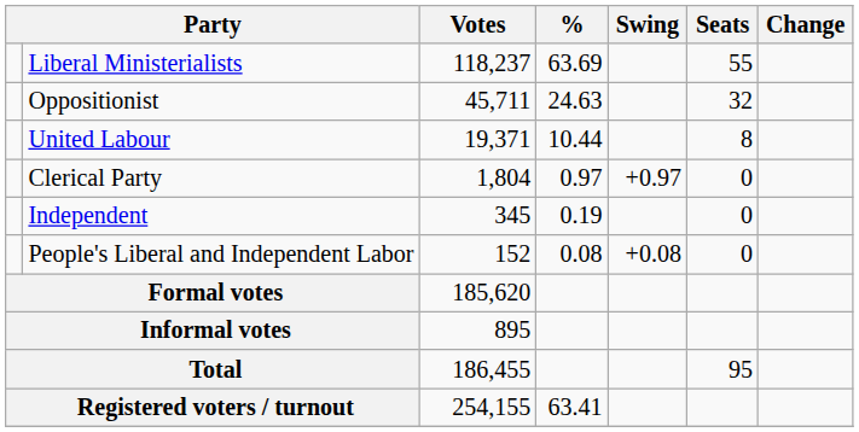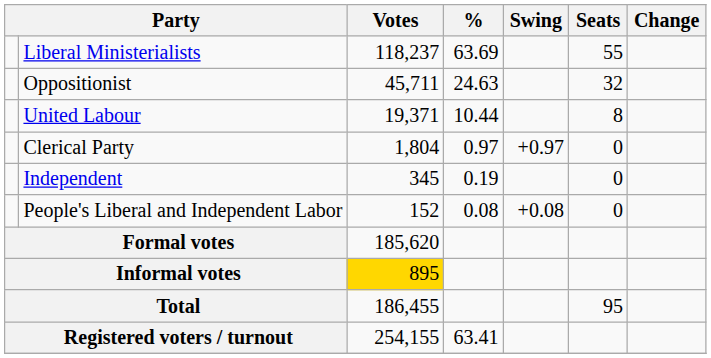 <table class="wikitable" style="text-align:right; margin-bottom:0">
 <tr>
 <th style="width:10px;" colspan=3>Party</th>
 <th style="width:70px;">Votes</th>
 <th style="width:40px;">%</th>
 <th style="width:40px;">Swing</th>
 <th style="width:40px;">Seats</th>
 <th style="width:40px;">Change</th>
 </tr>
 <tr>
 <td> </td>
 <td style="text-align:left;" colspan="2"><a href='#'>Liberal Ministerialists</a></td>
 <td style="width:70px;">118,237</td>
 <td style="width:40px;">63.69</td>
 <td style="width:45px;"></td>
 <td style="width:40px;">55</td>
 <td style="width:55px;"></td>
 </tr>
 <tr>
 <td> </td>
 <td style="text-align:left;" colspan="2">Oppositionist</td>
 <td>45,711</td>
 <td>24.63</td>
 <td></td>
 <td>32</td>
 <td></td>
 </tr>
 <tr>
 <td> </td>
 <td style="text-align:left;" colspan="2"><a href='#'>United Labour</a></td>
 <td style="width:70px;">19,371</td>
 <td style="width:40px;">10.44</td>
 <td style="width:45px;"></td>
 <td style="width:40px;">8</td>
 <td style="width:55px;"></td>
 </tr>
 <tr>
 <td> </td>
 <td style="text-align:left;" colspan="2">Clerical Party</td>
 <td>1,804</td>
 <td>0.97</td>
 <td>+0.97</td>
 <td>0</td>
 <td></td>
 </tr>
 <tr>
 <td> </td>
 <td style="text-align:left;" colspan="2"><a href='#'>Independent</a></td>
 <td>345</td>
 <td>0.19</td>
 <td></td>
 <td>0</td>
 <td></td>
 </tr>
 <tr>
 <td> </td>
 <td style="text-align:left;" colspan="2">People's Liberal and Independent Labor</td>
 <td>152</td>
 <td>0.08</td>
 <td>+0.08</td>
 <td>0</td>
 <td></td>
 </tr>
 <tr>
 <th colspan="3"> Formal votes</th>
 <td>185,620</td>
 <td></td>
 <td></td>
 <td></td>
 <td></td>
 </tr>
 <tr>
 <th colspan="3"> Informal votes</th>
-<td>895</td>
+<td style="background: gold;">895</td>
 <td></td>
 <td></td>
 <td></td>
 <td></td>
 </tr>
 <tr>
 <th colspan="3"> Total</th>
 <td>186,455</td>
 <td></td>
 <td></td>
 <td>95</td>
 <td></td>
 </tr>
 <tr>
 <th colspan="3"> Registered voters / turnout</th>
 <td>254,155</td>
 <td>63.41</td>
 <td></td>
 <td></td>
 <td></td>
 </tr>
 <tr>
 </tr>
 </table>
